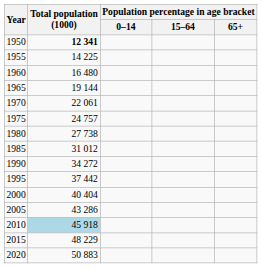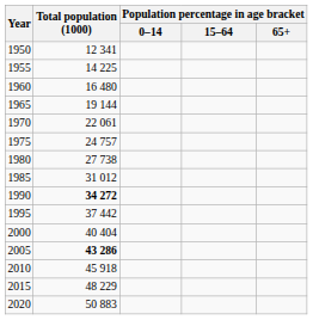 <table class="wikitable" style="text-align: right;">
 <tr>
 <th rowspan=2>Year</th>
 <th rowspan=2>Total population<br>(1000)</th>
 <th colspan=3>Population percentage in age bracket</th>
 </tr>
 <tr>
 <th>0–14</th>
 <th>15–64</th>
 <th>65+</th>
 </tr>
 <tr>
 <td>1950</td>
-<td><strong>12 341</strong></td>
+<td>12 341</td>
 <td></td>
 <td></td>
 <td></td>
 </tr>
 <tr>
 <td>1955</td>
 <td>14 225</td>
 <td></td>
 <td></td>
 <td></td>
 </tr>
 <tr>
 <td>1960</td>
 <td>16 480</td>
 <td></td>
 <td></td>
 <td></td>
 </tr>
 <tr>
 <td>1965</td>
 <td>19 144</td>
 <td></td>
 <td></td>
 <td></td>
 </tr>
 <tr>
 <td>1970</td>
 <td>22 061</td>
 <td></td>
 <td></td>
 <td></td>
 </tr>
 <tr>
 <td>1975</td>
 <td>24 757</td>
 <td></td>
 <td></td>
 <td></td>
 </tr>
 <tr>
 <td>1980</td>
 <td>27 738</td>
 <td></td>
 <td></td>
 <td></td>
 </tr>
 <tr>
 <td>1985</td>
 <td>31 012</td>
 <td></td>
 <td></td>
 <td></td>
 </tr>
 <tr>
 <td>1990</td>
-<td>34 272</td>
+<td><strong>34 272</strong></td>
 <td></td>
 <td></td>
 <td></td>
 </tr>
 <tr>
 <td>1995</td>
 <td>37 442</td>
 <td></td>
 <td></td>
 <td></td>
 </tr>
 <tr>
 <td>2000</td>
 <td>40 404</td>
 <td></td>
 <td></td>
 <td></td>
 </tr>
 <tr>
 <td>2005</td>
-<td>43 286</td>
+<td><strong>43 286</strong></td>
 <td></td>
 <td></td>
 <td></td>
 </tr>
 <tr>
 <td>2010</td>
-<td style="background: lightblue;">45 918</td>
+<td>45 918</td>
 <td></td>
 <td></td>
 <td></td>
 </tr>
 <tr>
 <td>2015</td>
 <td>48 229</td>
 <td></td>
 <td></td>
 <td></td>
 </tr>
 <tr>
 <td>2020</td>
 <td>50 883</td>
 <td></td>
 <td></td>
 <td></td>
 </tr>
 </table>
